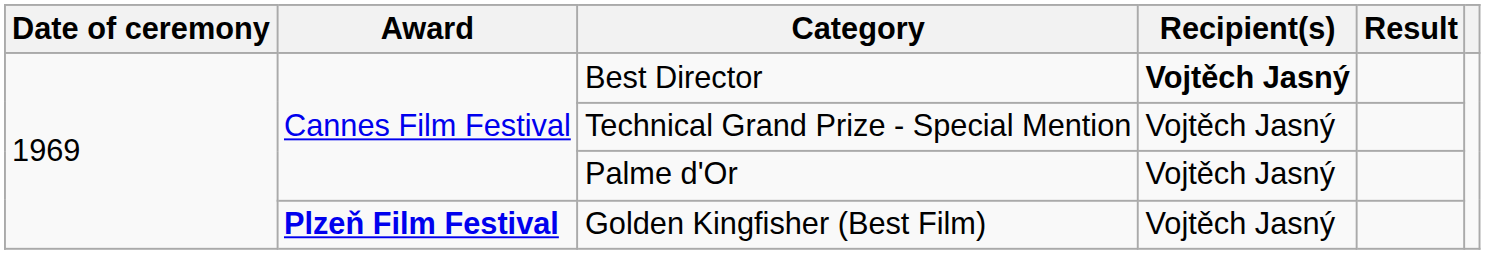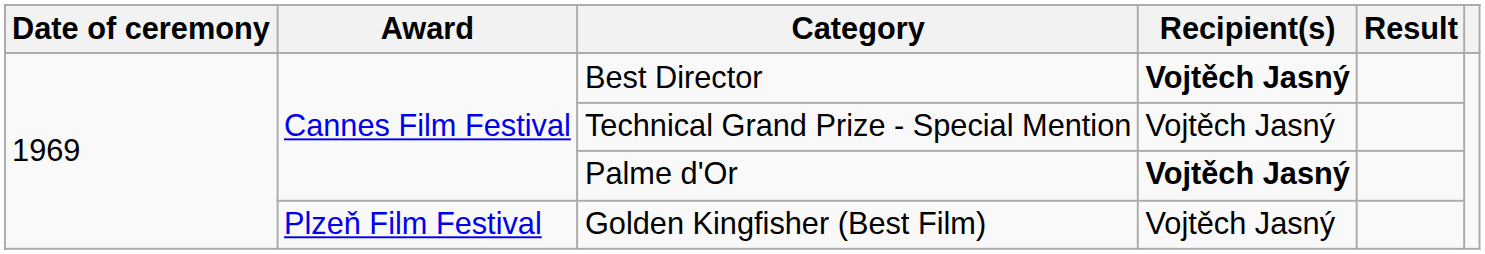 <table class="wikitable sortable">
 <tr>
 <th scope="col">Date of ceremony</th>
 <th scope="col">Award</th>
 <th scope="col">Category</th>
 <th scope="col">Recipient(s)</th>
 <th scope="col">Result</th>
 <th scope="col" class="unsortable"></th>
 </tr>
 <tr>
 <td rowspan="4">1969</td>
 <td rowspan="3"><a href='#'>Cannes Film Festival</a></td>
 <td>Best Director</td>
 <td><strong>Vojtěch Jasný</strong></td>
 <td></td>
 <td rowspan="4"></td>
 </tr>
 <tr>
 <td>Technical Grand Prize - Special Mention</td>
 <td>Vojtěch Jasný</td>
 <td></td>
 </tr>
 <tr>
 <td>Palme d'Or</td>
-<td>Vojtěch Jasný</td>
+<td><strong>Vojtěch Jasný</strong></td>
 <td></td>
 </tr>
 <tr>
-<td><strong><a href='#'>Plzeň Film Festival</a></strong></td>
+<td><a href='#'>Plzeň Film Festival</a></td>
 <td>Golden Kingfisher (Best Film)</td>
 <td>Vojtěch Jasný</td>
 <td></td>
 </tr>
 </table>
